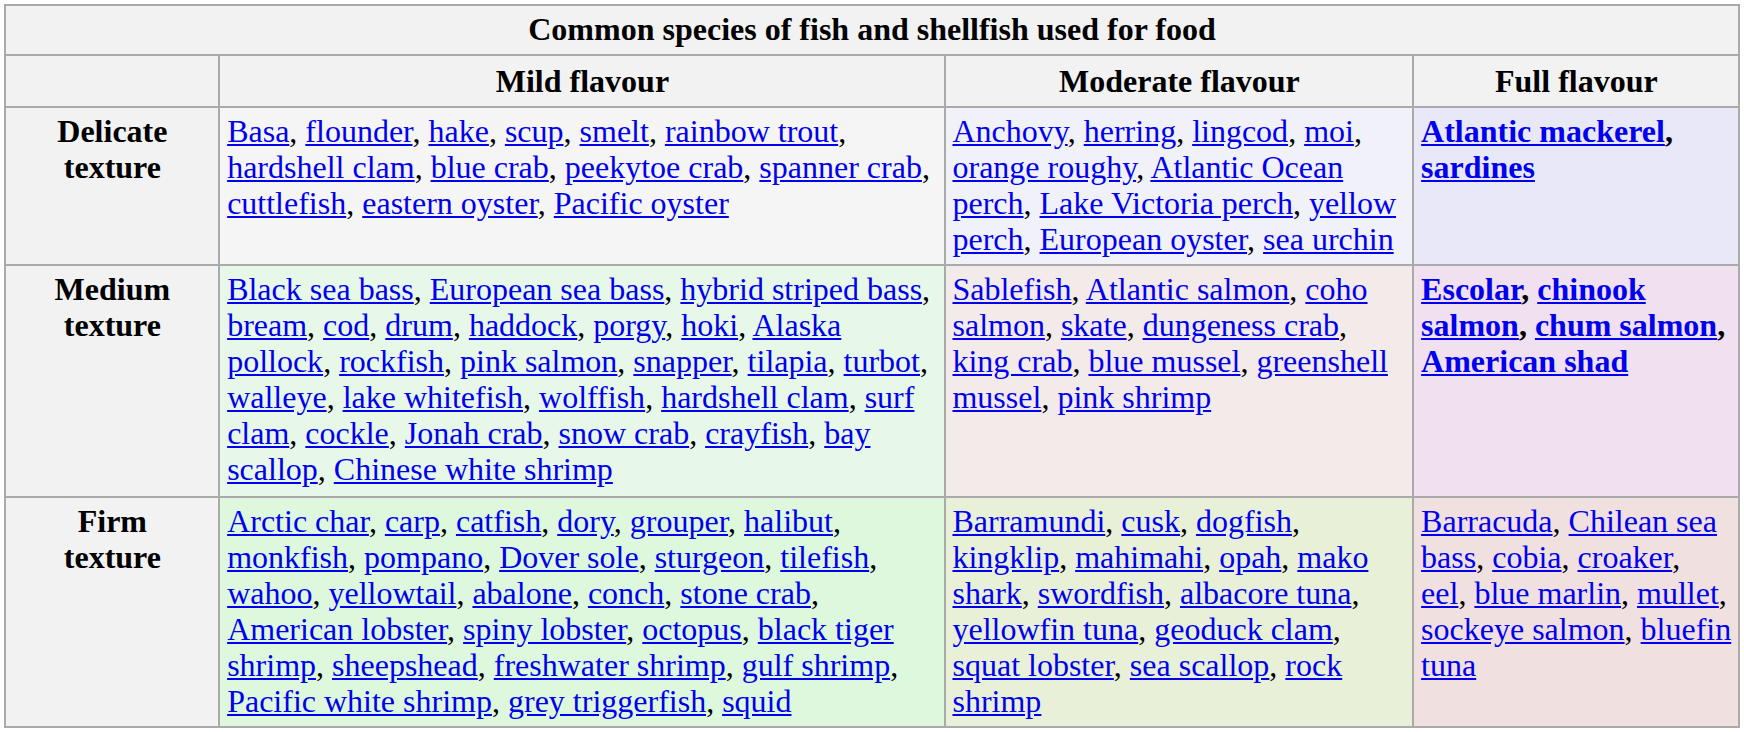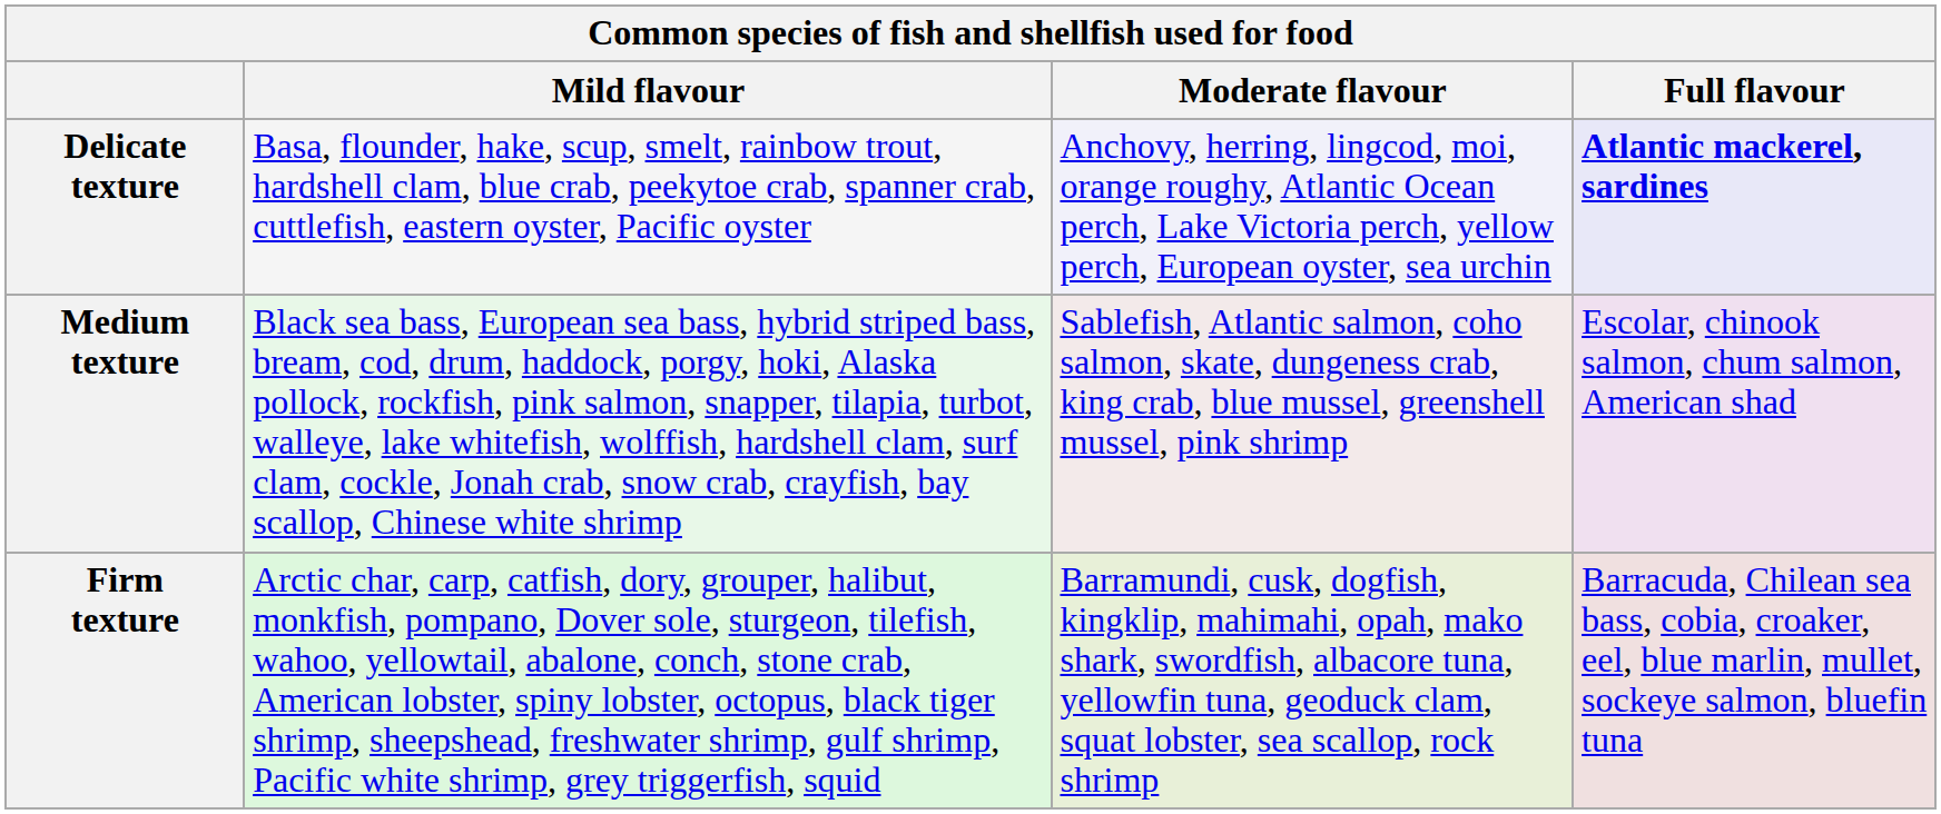 <table class="wikitable collapsible">
 <tr>
 <th colspan="4" style="width:570px;">Common species of fish and shellfish used for food</th>
 </tr>
 <tr>
 <th style="width:100px;"></th>
 <th>Mild flavour</th>
 <th>Moderate flavour</th>
 <th>Full flavour</th>
 </tr>
 <tr>
 <th valign=top>Delicate<br>texture</th>
 <td style="vertical-align:top; background:#f5f5f5;"><a href='#'>Basa</a>, <a href='#'>flounder</a>, <a href='#'>hake</a>, <a href='#'>scup</a>, <a href='#'>smelt</a>, <a href='#'>rainbow trout</a>, <a href='#'>hardshell clam</a>, <a href='#'>blue crab</a>, <a href='#'>peekytoe crab</a>, <a href='#'>spanner crab</a>, <a href='#'>cuttlefish</a>, <a href='#'>eastern oyster</a>, <a href='#'>Pacific oyster</a></td>
 <td style="vertical-align:top; background:#f1f1fa;"><a href='#'>Anchovy</a>, <a href='#'>herring</a>, <a href='#'>lingcod</a>, <a href='#'>moi</a>, <a href='#'>orange roughy</a>, <a href='#'>Atlantic Ocean perch</a>, <a href='#'>Lake Victoria perch</a>, <a href='#'>yellow perch</a>, <a href='#'>European oyster</a>, <a href='#'>sea urchin</a></td>
 <td style="vertical-align:top; background:#e8e8f8;"><strong><a href='#'>Atlantic mackerel</a>, <a href='#'>sardines</a></strong></td>
 </tr>
 <tr>
 <th valign=top>Medium<br>texture</th>
 <td style="vertical-align:top; background:#e8f8e8;"><a href='#'>Black sea bass</a>, <a href='#'>European sea bass</a>, <a href='#'>hybrid striped bass</a>, <a href='#'>bream</a>, <a href='#'>cod</a>, <a href='#'>drum</a>, <a href='#'>haddock</a>, <a href='#'>porgy</a>, <a href='#'>hoki</a>, <a href='#'>Alaska pollock</a>, <a href='#'>rockfish</a>, <a href='#'>pink salmon</a>, <a href='#'>snapper</a>, <a href='#'>tilapia</a>, <a href='#'>turbot</a>, <a href='#'>walleye</a>, <a href='#'>lake whitefish</a>, <a href='#'>wolffish</a>, <a href='#'>hardshell clam</a>, <a href='#'>surf clam</a>, <a href='#'>cockle</a>, <a href='#'>Jonah crab</a>, <a href='#'>snow crab</a>, <a href='#'>crayfish</a>, <a href='#'>bay scallop</a>, <a href='#'>Chinese white shrimp</a></td>
 <td style="vertical-align:top; background:#f3eaea;"><a href='#'>Sablefish</a>, <a href='#'>Atlantic salmon</a>, <a href='#'>coho salmon</a>, <a href='#'>skate</a>, <a href='#'>dungeness crab</a>, <a href='#'>king crab</a>, <a href='#'>blue mussel</a>, <a href='#'>greenshell mussel</a>, <a href='#'>pink shrimp</a></td>
-<td style="vertical-align:top; background:#f0e0f0;"><strong><a href='#'>Escolar</a>, <a href='#'>chinook salmon</a>, <a href='#'>chum salmon</a>, <a href='#'>American shad</a></strong></td>
+<td style="vertical-align:top; background:#f0e0f0;"><a href='#'>Escolar</a>, <a href='#'>chinook salmon</a>, <a href='#'>chum salmon</a>, <a href='#'>American shad</a></td>
 </tr>
 <tr>
 <th valign=top>Firm<br>texture</th>
 <td style="vertical-align:top; background:#ddf8dd;"><a href='#'>Arctic char</a>, <a href='#'>carp</a>, <a href='#'>catfish</a>, <a href='#'>dory</a>, <a href='#'>grouper</a>, <a href='#'>halibut</a>, <a href='#'>monkfish</a>, <a href='#'>pompano</a>, <a href='#'>Dover sole</a>, <a href='#'>sturgeon</a>, <a href='#'>tilefish</a>, <a href='#'>wahoo</a>, <a href='#'>yellowtail</a>, <a href='#'>abalone</a>, <a href='#'>conch</a>, <a href='#'>stone crab</a>, <a href='#'>American lobster</a>, <a href='#'>spiny lobster</a>, <a href='#'>octopus</a>, <a href='#'>black tiger shrimp</a>, <a href='#'>sheepshead</a>, <a href='#'>freshwater shrimp</a>, <a href='#'>gulf shrimp</a>, <a href='#'>Pacific white shrimp</a>, <a href='#'>grey triggerfish</a>, <a href='#'>squid</a></td>
 <td style="vertical-align:top; background:#e8f0d8;"><a href='#'>Barramundi</a>, <a href='#'>cusk</a>, <a href='#'>dogfish</a>, <a href='#'>kingklip</a>, <a href='#'>mahimahi</a>, <a href='#'>opah</a>, <a href='#'>mako shark</a>, <a href='#'>swordfish</a>, <a href='#'>albacore tuna</a>, <a href='#'>yellowfin tuna</a>, <a href='#'>geoduck clam</a>, <a href='#'>squat lobster</a>, <a href='#'>sea scallop</a>, <a href='#'>rock shrimp</a></td>
 <td style="vertical-align:top; background:#f0e0e0;"><a href='#'>Barracuda</a>, <a href='#'>Chilean sea bass</a>, <a href='#'>cobia</a>, <a href='#'>croaker</a>, <a href='#'>eel</a>, <a href='#'>blue marlin</a>, <a href='#'>mullet</a>, <a href='#'>sockeye salmon</a>, <a href='#'>bluefin tuna</a></td>
 </tr>
 </table>
